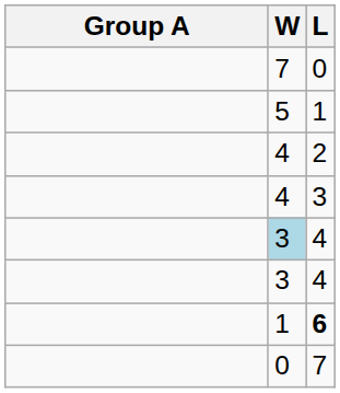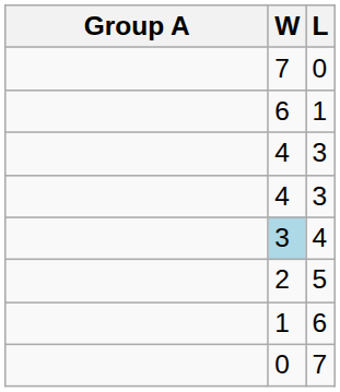 <table class="wikitable">
 <tr>
 <th width=150>Group A</th>
 <th>W</th>
 <th>L</th>
 </tr>
 <tr>
 <td></td>
 <td>7</td>
 <td>0</td>
 </tr>
 <tr>
 <td></td>
-<td>5</td>
+<td>6</td>
 <td>1</td>
 </tr>
 <tr>
 <td></td>
 <td>4</td>
-<td>2</td>
+<td>3</td>
 </tr>
 <tr>
 <td></td>
 <td>4</td>
 <td>3</td>
 </tr>
 <tr>
 <td></td>
 <td style="background: lightblue;">3</td>
 <td>4</td>
 </tr>
 <tr>
 <td></td>
-<td>3</td>
-<td>4</td>
+<td>2</td>
+<td>5</td>
 </tr>
 <tr>
 <td></td>
 <td>1</td>
-<td><strong>6</strong></td>
+<td>6</td>
 </tr>
 <tr>
 <td></td>
 <td>0</td>
 <td>7</td>
 </tr>
 </table>
